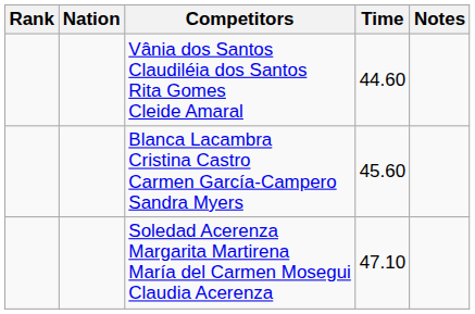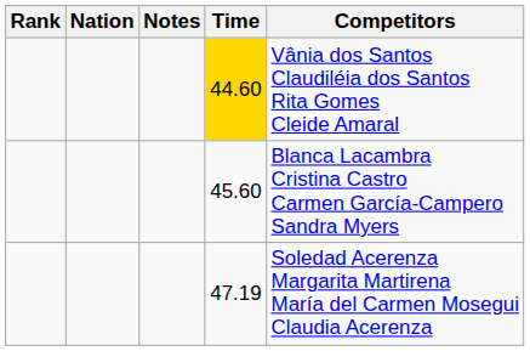 <table class="wikitable sortable" style="text-align:center">
 <tr>
 <th>Rank</th>
 <th>Nation</th>
+<th>Notes</th>
+<th>Time</th>
 <th>Competitors</th>
-<th>Time</th>
-<th>Notes</th>
 </tr>
 <tr>
 <td align=center></td>
 <td align=left></td>
+<td></td>
+<td style="background: gold;">44.60</td>
 <td align=left><a href='#'>Vânia dos Santos</a><br><a href='#'>Claudiléia dos Santos</a><br><a href='#'>Rita Gomes</a><br><a href='#'>Cleide Amaral</a></td>
-<td>44.60</td>
-<td></td>
 </tr>
 <tr>
 <td align=center></td>
 <td align=left></td>
+<td></td>
+<td>45.60</td>
 <td align=left><a href='#'>Blanca Lacambra</a><br><a href='#'>Cristina Castro</a><br><a href='#'>Carmen García-Campero</a><br><a href='#'>Sandra Myers</a></td>
-<td>45.60</td>
-<td></td>
 </tr>
 <tr>
 <td align=center></td>
 <td align=left></td>
+<td></td>
+<td>47.19</td>
 <td align=left><a href='#'>Soledad Acerenza</a><br><a href='#'>Margarita Martirena</a><br><a href='#'>María del Carmen Mosegui</a><br><a href='#'>Claudia Acerenza</a></td>
-<td>47.10</td>
-<td></td>
 </tr>
 </table>
